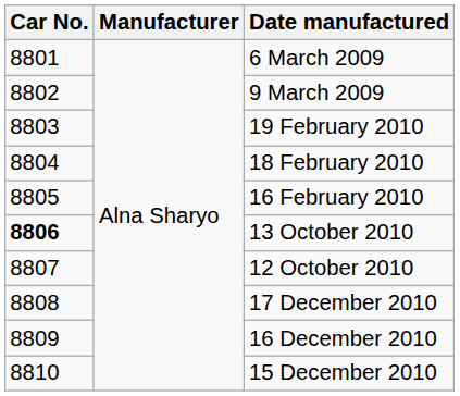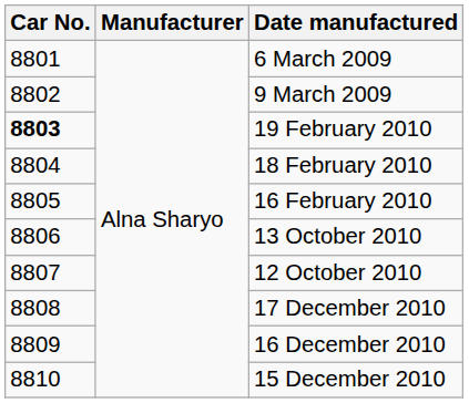 <table class="wikitable">
 <tr>
 <th>Car No.</th>
 <th>Manufacturer</th>
 <th>Date manufactured</th>
 </tr>
 <tr>
 <td>8801</td>
 <td rowspan="10">Alna Sharyo</td>
 <td>6 March 2009</td>
 </tr>
 <tr>
 <td>8802</td>
 <td>9 March 2009</td>
 </tr>
 <tr>
-<td>8803</td>
+<td><strong>8803</strong></td>
 <td>19 February 2010</td>
 </tr>
 <tr>
 <td>8804</td>
 <td>18 February 2010</td>
 </tr>
 <tr>
 <td>8805</td>
 <td>16 February 2010</td>
 </tr>
 <tr>
-<td><strong>8806</strong></td>
+<td>8806</td>
 <td>13 October 2010</td>
 </tr>
 <tr>
 <td>8807</td>
 <td>12 October 2010</td>
 </tr>
 <tr>
 <td>8808</td>
 <td>17 December 2010</td>
 </tr>
 <tr>
 <td>8809</td>
 <td>16 December 2010</td>
 </tr>
 <tr>
 <td>8810</td>
 <td>15 December 2010</td>
 </tr>
 </table>
